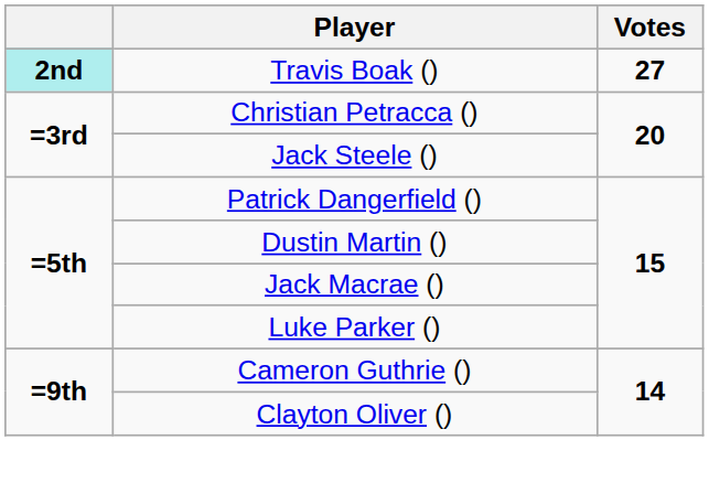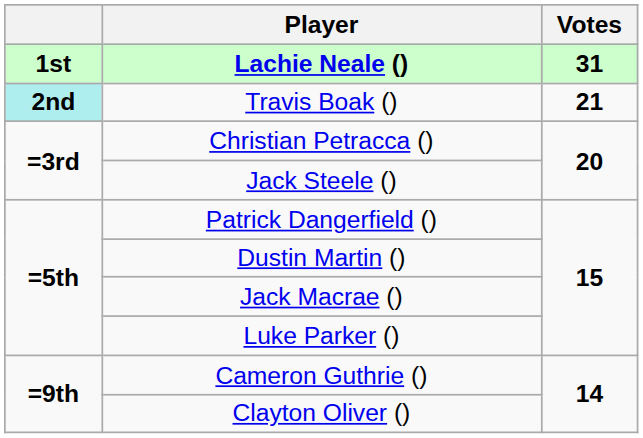 <table class="wikitable" style="text-align: center; font-size: 90%;">
 <tr>
 <th style="width:50px;"></th>
 <th style="width:250px;">Player</th>
 <th style="width:50px;">Votes</th>
 </tr>
+<tr style="background:#cfc;">
+<td><strong>1st</strong></td>
+<td><strong><a href='#'>Lachie Neale</a> ()</strong></td>
+<td><strong>31</strong></td>
+</tr>
 <tr>
 <td style="background: paleturquoise;"><strong>2nd</strong></td>
 <td><a href='#'>Travis Boak</a> ()</td>
-<td><strong>27</strong></td>
+<td><strong>21</strong></td>
 </tr>
 <tr>
 <td rowspan=2><strong>=3rd</strong></td>
 <td><a href='#'>Christian Petracca</a> ()</td>
 <td rowspan="2"><strong>20</strong></td>
 </tr>
 <tr>
 <td><a href='#'>Jack Steele</a> ()</td>
 </tr>
 <tr>
 <td rowspan=4><strong>=5th</strong></td>
 <td><a href='#'>Patrick Dangerfield</a> ()</td>
 <td rowspan="4"><strong>15</strong></td>
 </tr>
 <tr>
 <td><a href='#'>Dustin Martin</a> ()</td>
 </tr>
 <tr>
 <td><a href='#'>Jack Macrae</a> ()</td>
 </tr>
 <tr>
 <td><a href='#'>Luke Parker</a> ()</td>
 </tr>
 <tr>
 <td rowspan=2><strong>=9th</strong></td>
 <td><a href='#'>Cameron Guthrie</a> ()</td>
 <td rowspan="2"><strong>14</strong></td>
 </tr>
 <tr>
 <td><a href='#'>Clayton Oliver</a> ()</td>
 </tr>
 </table>
